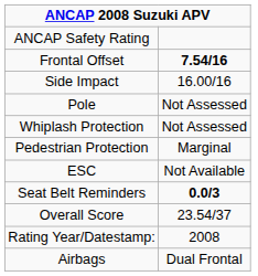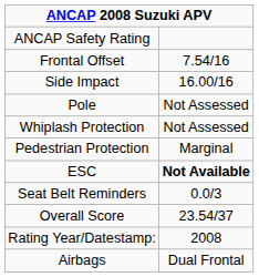 <table class="wikitable" style="text-align:center">
 <tr>
 <td colspan="2"><strong><a href='#'>ANCAP</a> 2008 Suzuki APV</strong></td>
 </tr>
 <tr>
 <td>ANCAP Safety Rating</td>
 <td></td>
 </tr>
 <tr>
 <td>Frontal Offset</td>
-<td><strong>7.54/16</strong></td>
+<td>7.54/16</td>
 </tr>
 <tr>
 <td>Side Impact</td>
 <td>16.00/16</td>
 </tr>
 <tr>
 <td>Pole</td>
 <td>Not Assessed</td>
 </tr>
 <tr>
 <td>Whiplash Protection</td>
 <td>Not Assessed</td>
 </tr>
 <tr>
 <td>Pedestrian Protection</td>
 <td>Marginal</td>
 </tr>
 <tr>
 <td>ESC</td>
-<td>Not Available</td>
+<td><strong>Not Available</strong></td>
 </tr>
 <tr>
 <td>Seat Belt Reminders</td>
-<td><strong>0.0/3</strong></td>
+<td>0.0/3</td>
 </tr>
 <tr>
 <td>Overall Score</td>
 <td>23.54/37</td>
 </tr>
 <tr>
 <td>Rating Year/Datestamp:</td>
 <td>2008</td>
 </tr>
 <tr>
 <td>Airbags</td>
 <td>Dual Frontal</td>
 </tr>
 </table>
